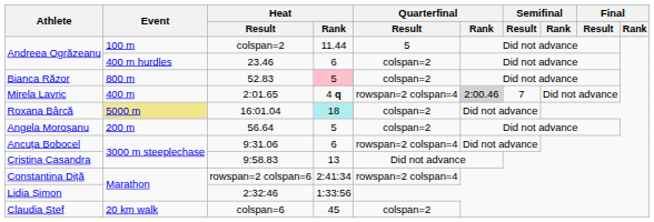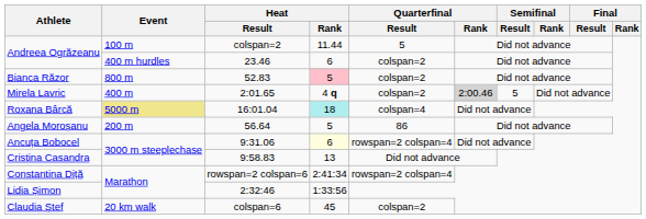 <table class="wikitable" style="font-size:90%">
 <tr>
 <th rowspan=2>Athlete</th>
 <th rowspan=2>Event</th>
 <th colspan="2">Heat</th>
 <th colspan="2">Quarterfinal</th>
 <th colspan="2">Semifinal</th>
 <th colspan="2">Final</th>
 </tr>
 <tr style="font-size:95%">
 <th>Result</th>
 <th>Rank</th>
 <th>Result</th>
 <th>Rank</th>
 <th>Result</th>
 <th>Rank</th>
 <th>Result</th>
 <th>Rank</th>
 </tr>
 <tr align=center>
 <td align=left rowspan=2><a href='#'>Andreea Ogrăzeanu</a></td>
 <td align=left><a href='#'>100 m</a></td>
 <td>colspan=2 </td>
 <td>11.44</td>
 <td>5</td>
 <td colspan=4>Did not advance</td>
 </tr>
 <tr align=center>
 <td align=left><a href='#'>400 m hurdles</a></td>
 <td>23.46</td>
 <td>6</td>
 <td>colspan=2 </td>
 <td colspan=4>Did not advance</td>
 </tr>
 <tr align=center>
 <td align=left><a href='#'>Bianca Răzor</a></td>
 <td align=left><a href='#'>800 m</a></td>
 <td>52.83</td>
 <td style="background: pink;">5</td>
 <td>colspan=2 </td>
 <td colspan=4>Did not advance</td>
 </tr>
 <tr align=center>
 <td align=left><a href='#'>Mirela Lavric</a></td>
 <td align=left><a href='#'>400 m</a></td>
 <td>2:01.65</td>
 <td>4 <strong>q</strong></td>
-<td>rowspan=2 colspan=4 </td>
+<td>colspan=2 </td>
 <td style="background: lightgrey;">2:00.46</td>
-<td>7</td>
+<td>5</td>
 <td colspan=2>Did not advance</td>
 </tr>
 <tr align=center>
 <td align=left><a href='#'>Roxana Bârcă</a></td>
 <td align=left style="background: khaki;"><a href='#'>5000 m</a></td>
 <td>16:01.04</td>
 <td style="background: paleturquoise;">18</td>
-<td>colspan=2 </td>
+<td>colspan=4 </td>
 <td colspan=2>Did not advance</td>
 </tr>
 <tr align=center>
 <td align=left><a href='#'>Angela Moroșanu</a></td>
 <td align=left><a href='#'>200 m</a></td>
 <td>56.64</td>
 <td>5</td>
-<td>colspan=2 </td>
+<td>86</td>
 <td colspan=4>Did not advance</td>
 </tr>
 <tr align=center>
 <td align=left><a href='#'>Ancuța Bobocel</a></td>
 <td align=left rowspan=2><a href='#'>3000 m steeplechase</a></td>
 <td>9:31.06</td>
-<td>6</td>
+<td style="background: lightyellow;">6</td>
 <td>rowspan=2 colspan=4 </td>
 <td colspan=2>Did not advance</td>
 </tr>
 <tr align=center>
 <td align=left><a href='#'>Cristina Casandra</a></td>
 <td>9:58.83</td>
 <td>13</td>
 <td colspan=2>Did not advance</td>
 </tr>
 <tr align=center>
 <td align=left><a href='#'>Constantina Diță</a></td>
 <td align=left rowspan=2><a href='#'>Marathon</a></td>
 <td>rowspan=2 colspan=6 </td>
 <td>2:41:34</td>
 <td>rowspan=2 colspan=4 </td>
 </tr>
 <tr align=center>
 <td align=left><a href='#'>Lidia Șimon</a></td>
 <td>2:32:46</td>
 <td>1:33:56</td>
 </tr>
 <tr align=center>
 <td align=left><a href='#'>Claudia Ștef</a></td>
 <td align=left><a href='#'>20 km walk</a></td>
 <td>colspan=6 </td>
 <td>45</td>
 <td>colspan=2 </td>
 </tr>
 </table>
